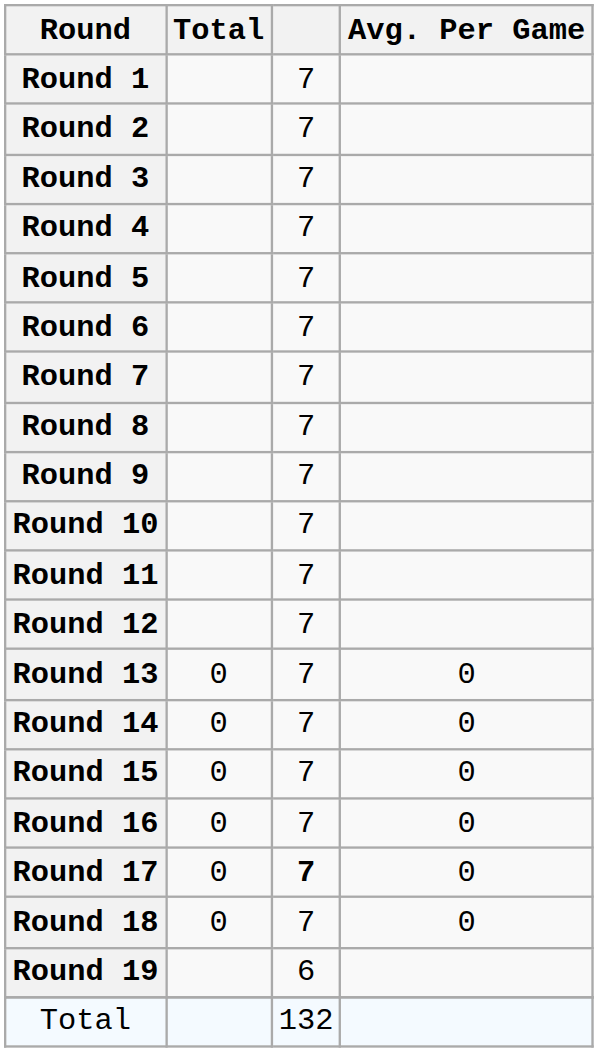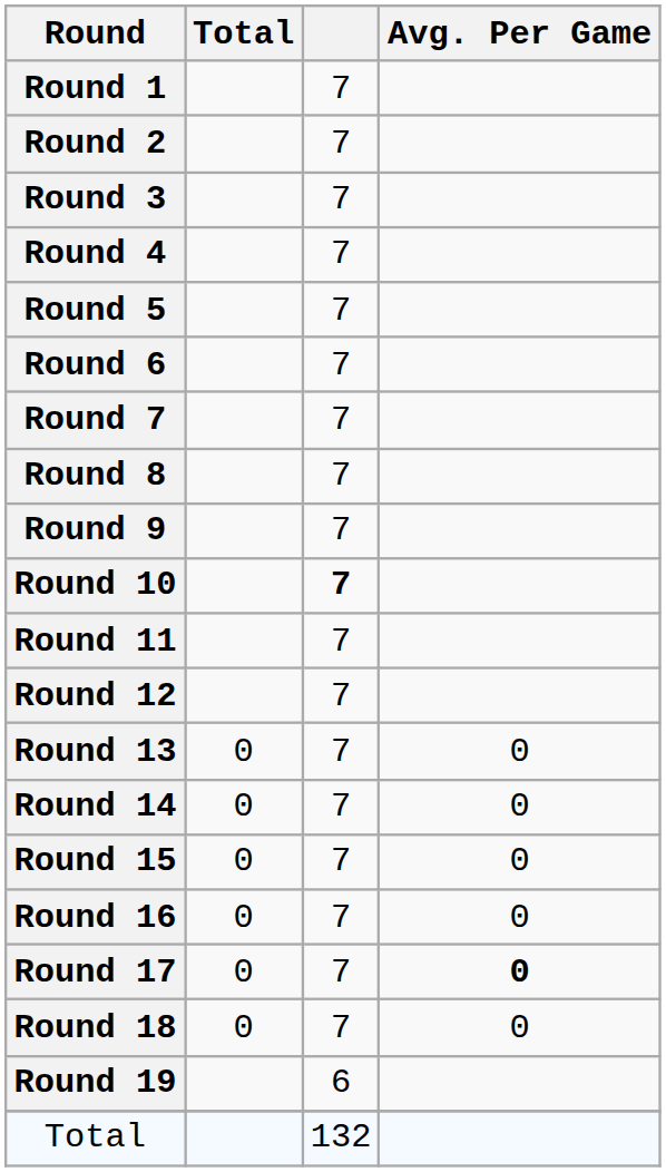 <table class="wikitable plainrowheaders sortable" style="text-align:center;">
 <tr>
 <th>Round</th>
 <th>Total</th>
 <th></th>
 <th>Avg. Per Game</th>
 </tr>
 <tr>
 <th scope='row'>Round 1</th>
 <td></td>
 <td>7</td>
 <td></td>
 </tr>
 <tr>
 <th scope='row'>Round 2</th>
 <td></td>
 <td>7</td>
 <td></td>
 </tr>
 <tr>
 <th scope='row'>Round 3</th>
 <td></td>
 <td>7</td>
 <td></td>
 </tr>
 <tr>
 <th scope='row'>Round 4</th>
 <td></td>
 <td>7</td>
 <td></td>
 </tr>
 <tr>
 <th scope='row'>Round 5</th>
 <td></td>
 <td>7</td>
 <td></td>
 </tr>
 <tr>
 <th scope='row'>Round 6</th>
 <td></td>
 <td>7</td>
 <td></td>
 </tr>
 <tr>
 <th scope='row'>Round 7</th>
 <td></td>
 <td>7</td>
 <td></td>
 </tr>
 <tr>
 <th scope='row'>Round 8</th>
 <td></td>
 <td>7</td>
 <td></td>
 </tr>
 <tr>
 <th scope='row'>Round 9</th>
 <td></td>
 <td>7</td>
 <td></td>
 </tr>
 <tr>
 <th scope='row'>Round 10</th>
 <td></td>
-<td>7</td>
+<td><strong>7</strong></td>
 <td></td>
 </tr>
 <tr>
 <th scope='row'>Round 11</th>
 <td></td>
 <td>7</td>
 <td></td>
 </tr>
 <tr>
 <th scope='row'>Round 12</th>
 <td></td>
 <td>7</td>
 <td></td>
 </tr>
 <tr>
 <th scope='row'>Round 13</th>
 <td>0</td>
 <td>7</td>
 <td>0</td>
 </tr>
 <tr>
 <th scope='row'>Round 14</th>
 <td>0</td>
 <td>7</td>
 <td>0</td>
 </tr>
 <tr>
 <th scope='row'>Round 15</th>
 <td>0</td>
 <td>7</td>
 <td>0</td>
 </tr>
 <tr>
 <th scope='row'>Round 16</th>
 <td>0</td>
 <td>7</td>
 <td>0</td>
 </tr>
 <tr>
 <th scope='row'>Round 17</th>
 <td>0</td>
-<td><strong>7</strong></td>
-<td>0</td>
+<td>7</td>
+<td><strong>0</strong></td>
 </tr>
 <tr>
 <th scope='row'>Round 18</th>
 <td>0</td>
 <td>7</td>
 <td>0</td>
 </tr>
 <tr>
 <th scope='row'>Round 19</th>
 <td></td>
 <td>6</td>
 <td></td>
 </tr>
 <tr>
 </tr>
 <tr style="background:#f4faff;">
 <td>Total</td>
 <td></td>
 <td>132</td>
 <td></td>
 </tr>
 </table>
